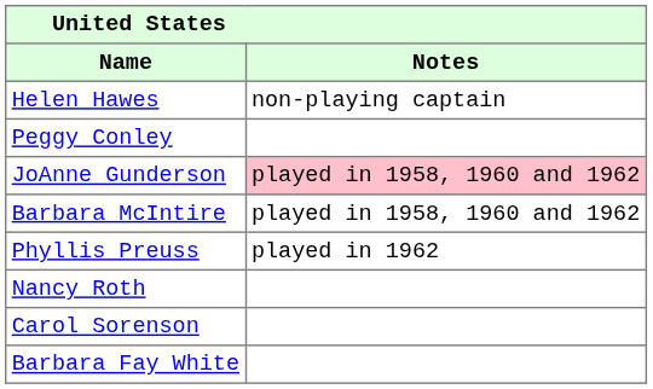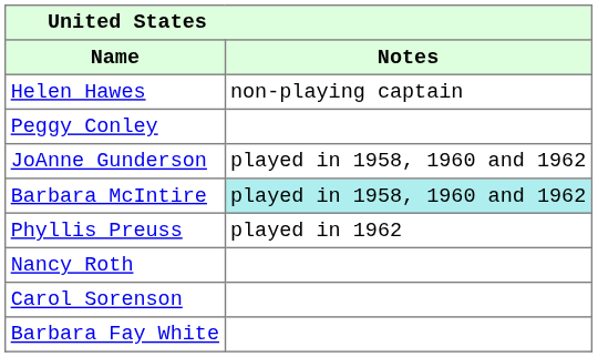 <table border="1" cellpadding="3" style="border-collapse: collapse;">
 <tr style="background:#ddffdd;">
 <td colspan="6">   <strong>United States</strong></td>
 </tr>
 <tr style="background:#ddffdd;">
 <th>Name</th>
 <th>Notes</th>
 </tr>
 <tr>
 <td><a href='#'>Helen Hawes</a></td>
 <td>non-playing captain</td>
 </tr>
 <tr>
 <td><a href='#'>Peggy Conley</a></td>
 <td></td>
 </tr>
 <tr>
 <td><a href='#'>JoAnne Gunderson</a></td>
-<td style="background: pink;">played in 1958, 1960 and 1962</td>
+<td>played in 1958, 1960 and 1962</td>
 </tr>
 <tr>
 <td><a href='#'>Barbara McIntire</a></td>
-<td>played in 1958, 1960 and 1962</td>
+<td style="background: paleturquoise;">played in 1958, 1960 and 1962</td>
 </tr>
 <tr>
 <td><a href='#'>Phyllis Preuss</a></td>
 <td>played in 1962</td>
 </tr>
 <tr>
 <td><a href='#'>Nancy Roth</a></td>
 <td></td>
 </tr>
 <tr>
 <td><a href='#'>Carol Sorenson</a></td>
 <td></td>
 </tr>
 <tr>
 <td><a href='#'>Barbara Fay White</a></td>
 <td></td>
 </tr>
 </table>
